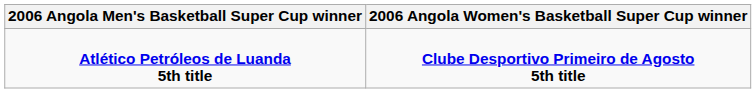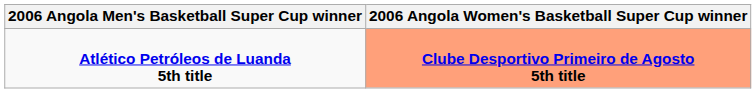 <table class=wikitable style="text-align:center; margin:auto">
 <tr>
 <th>2006 Angola Men's Basketball Super Cup winner</th>
 <th>2006 Angola Women's Basketball Super Cup winner</th>
 </tr>
 <tr>
 <td><br><strong><a href='#'>Atlético Petróleos de Luanda</a></strong><br><strong>5th title</strong></td>
-<td><br><strong><a href='#'>Clube Desportivo Primeiro de Agosto</a></strong><br><strong>5th title</strong></td>
+<td style="background: lightsalmon;"><br><strong><a href='#'>Clube Desportivo Primeiro de Agosto</a></strong><br><strong>5th title</strong></td>
 </tr>
 </table>
